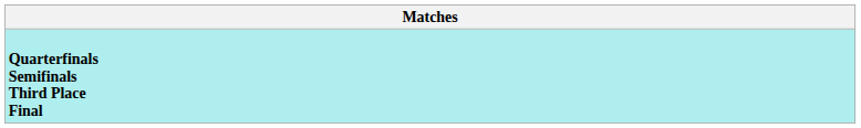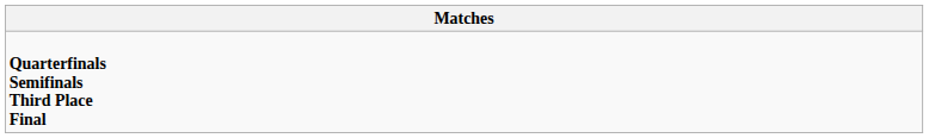 <table class="wikitable collapsible collapsed" style="width:100%;">
 <tr>
 <th>Matches</th>
 </tr>
 <tr>
-<td style="background: paleturquoise;"><br><strong>Quarterfinals</strong>    <br><strong>Semifinals</strong>  <br><strong>Third Place</strong> <br><strong>Final</strong> </td>
+<td><br><strong>Quarterfinals</strong>    <br><strong>Semifinals</strong>  <br><strong>Third Place</strong> <br><strong>Final</strong> </td>
 </tr>
 </table>
